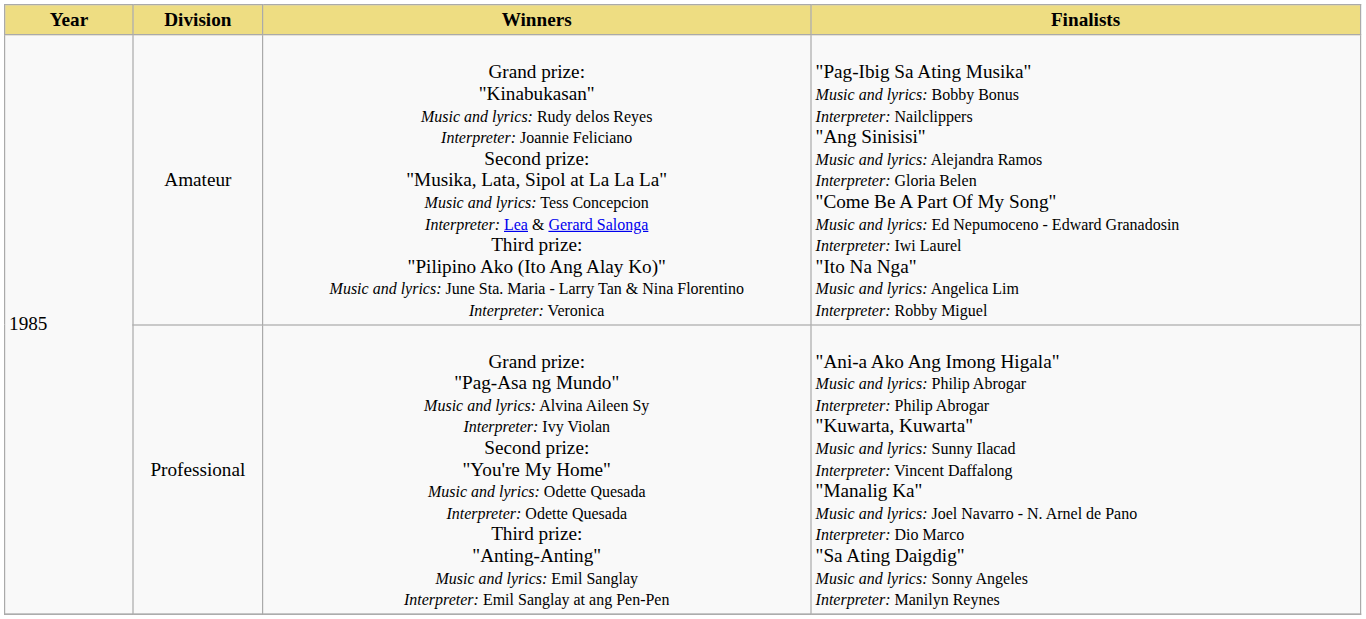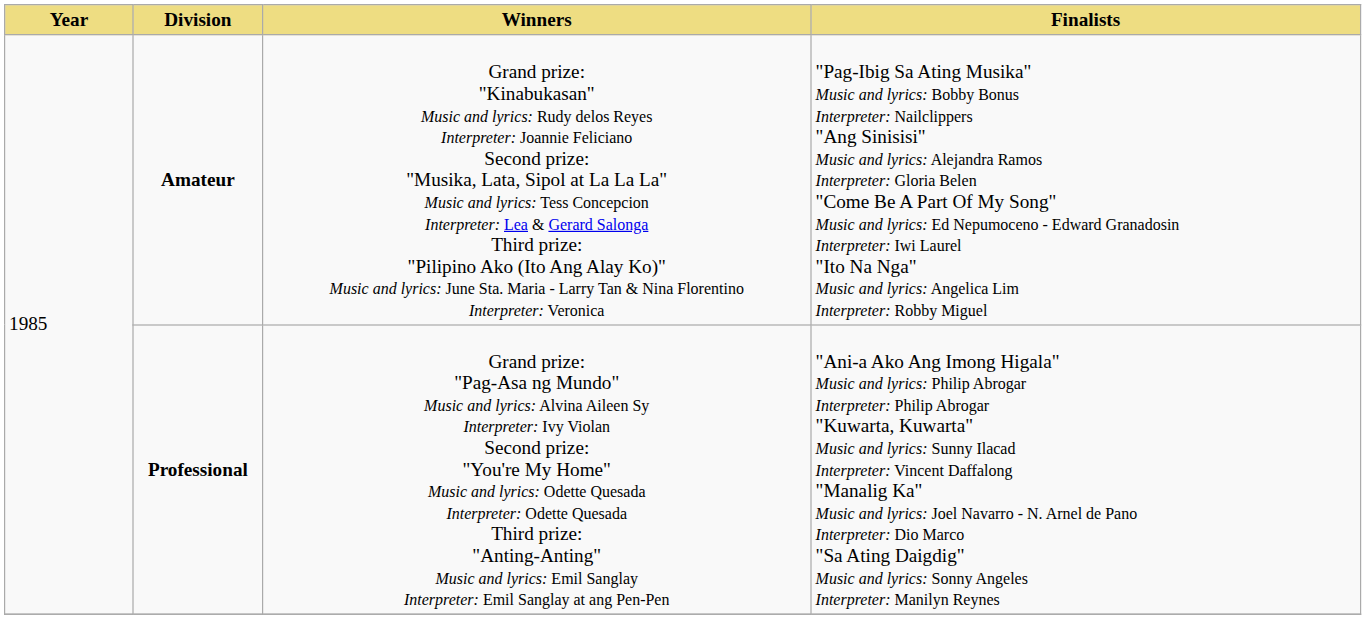 <table class="wikitable" border="1">
 <tr align=center bgcolor=lavender>
 <th style="background:#EEDD82;" width=100>Year</th>
 <th style="background:#EEDD82;" width=100>Division</th>
 <th style="background:#EEDD82;" width=450>Winners</th>
 <th style="background:#EEDD82;" width=450>Finalists</th>
 </tr>
 <tr>
 <td rowspan=2>1985</td>
-<td align="center" valign="center">Amateur</td>
+<td align="center" valign="center"><strong>Amateur</strong></td>
 <td align="center" valign="center"><br>Grand prize:<br>  "Kinabukasan"<br> <small><em>Music and lyrics:</em> Rudy delos Reyes<br> <em>Interpreter:</em> Joannie Feliciano</small><br>Second prize:<br> "Musika, Lata, Sipol at La La La"<br> <small><em>Music and lyrics:</em> Tess Concepcion<br> <em>Interpreter:</em> <a href='#'>Lea</a> & <a href='#'>Gerard Salonga</a></small><br>Third prize:<br> "Pilipino Ako (Ito Ang Alay Ko)"<br> <small><em>Music and lyrics:</em> June Sta. Maria - Larry Tan & Nina Florentino<br> <em>Interpreter:</em> Veronica</small></td>
 <td><br>"Pag-Ibig Sa Ating Musika"<br> <small><em>Music and lyrics:</em> Bobby Bonus<br> <em>Interpreter:</em> Nailclippers</small><br>"Ang Sinisisi"<br> <small><em>Music and lyrics:</em> Alejandra Ramos<br> <em>Interpreter:</em> Gloria Belen</small><br>"Come Be A Part Of My Song"<br> <small><em>Music and lyrics:</em> Ed Nepumoceno - Edward Granadosin<br> <em>Interpreter:</em> Iwi Laurel</small><br>"Ito Na Nga"<br> <small><em>Music and lyrics:</em> Angelica Lim<br> <em>Interpreter:</em> Robby Miguel</small></td>
 </tr>
 <tr>
-<td align="center" valign="center">Professional</td>
+<td align="center" valign="center"><strong>Professional</strong></td>
 <td align="center" valign="center"><br>Grand prize:<br>  "Pag-Asa ng Mundo"<br> <small><em>Music and lyrics:</em> Alvina Aileen Sy<br> <em>Interpreter:</em> Ivy Violan</small><br>Second prize:<br> "You're My Home"<br> <small><em>Music and lyrics:</em> Odette Quesada<br> <em>Interpreter:</em> Odette Quesada</small><br>Third prize:<br> "Anting-Anting"<br> <small><em>Music and lyrics:</em> Emil Sanglay<br> <em>Interpreter:</em> Emil Sanglay at ang Pen-Pen</small></td>
 <td><br>"Ani-a Ako Ang Imong Higala"<br> <small><em>Music and lyrics:</em> Philip Abrogar<br> <em>Interpreter:</em> Philip Abrogar</small><br>"Kuwarta, Kuwarta"<br> <small><em>Music and lyrics:</em> Sunny Ilacad<br> <em>Interpreter:</em> Vincent Daffalong</small><br>"Manalig Ka"<br> <small><em>Music and lyrics:</em> Joel Navarro - N. Arnel de Pano<br> <em>Interpreter:</em> Dio Marco</small><br>"Sa Ating Daigdig"<br> <small><em>Music and lyrics:</em> Sonny Angeles<br> <em>Interpreter:</em> Manilyn Reynes</small></td>
 </tr>
 <tr>
 </tr>
 </table>
